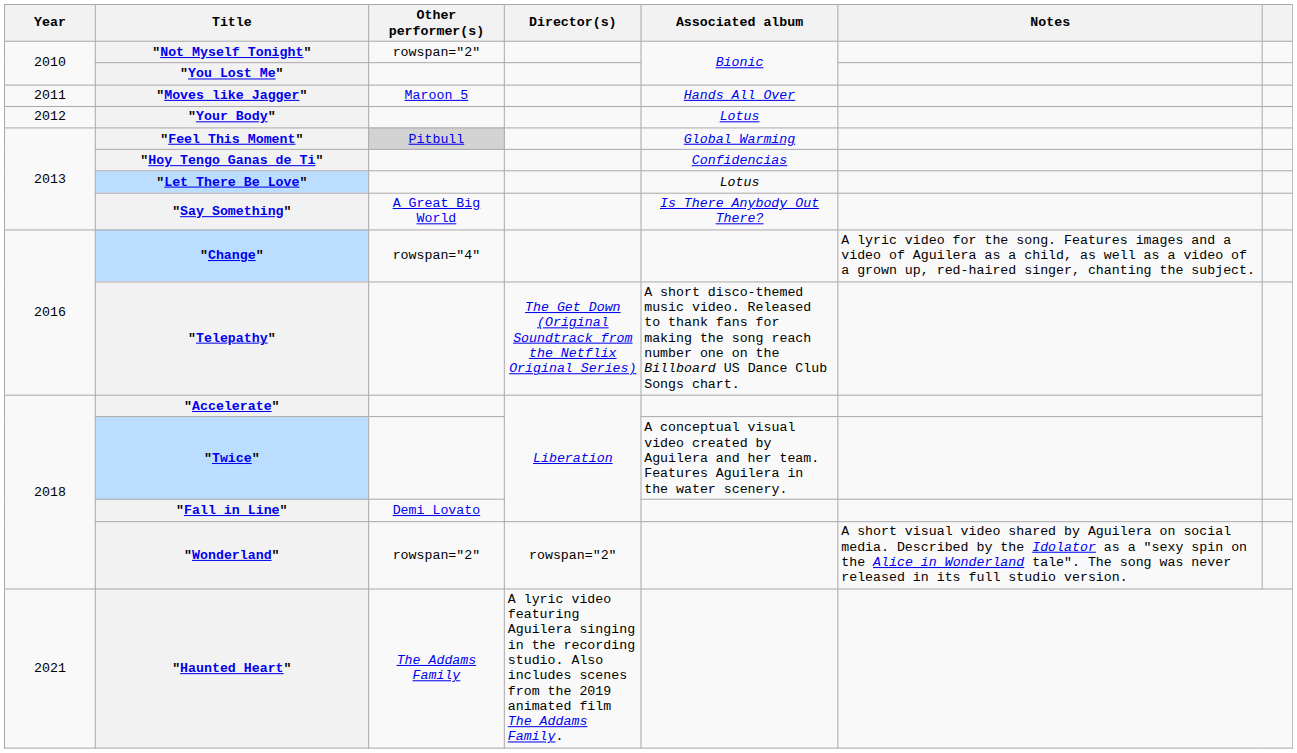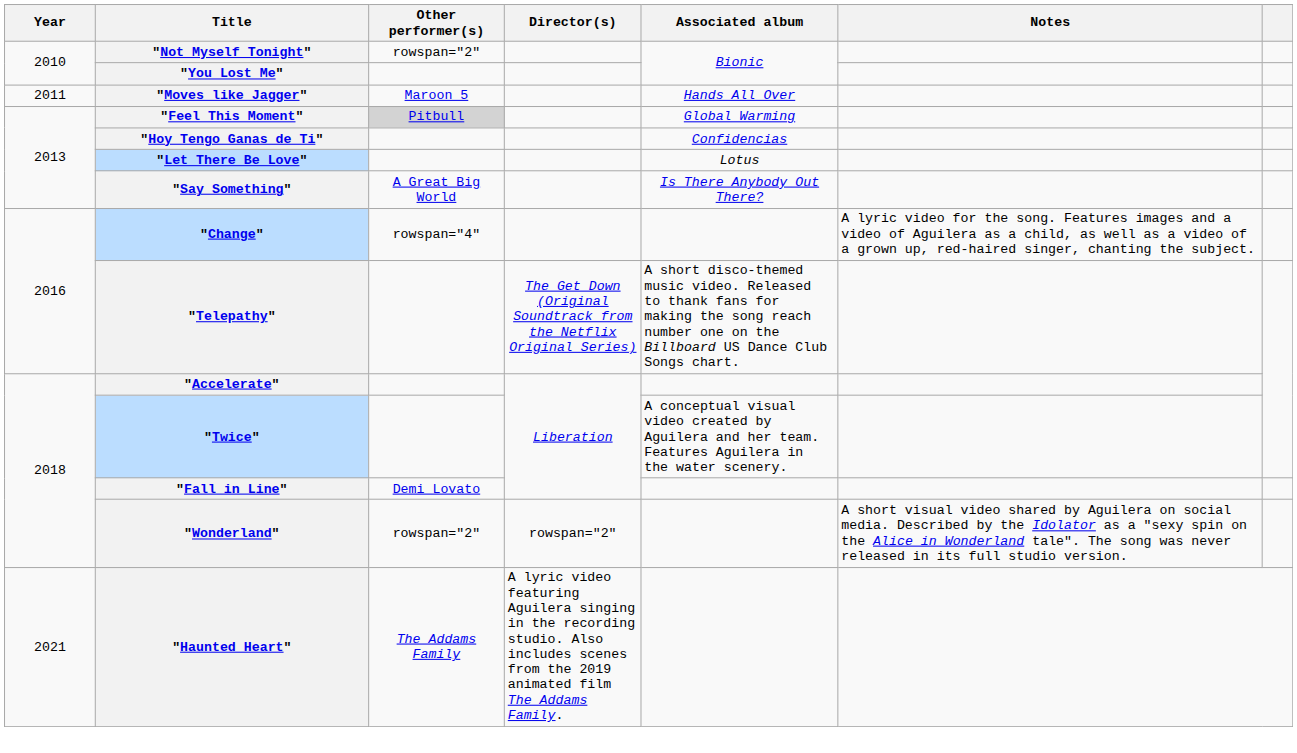 <table class="wikitable sortable plainrowheaders" style="text-align:center;" width="100%;">
 <tr>
 <th scope="col" style="width:6%;">Year</th>
 <th scope="col" style="width:18%;">Title</th>
 <th scope="col" style="width:9%;">Other performer(s)</th>
 <th scope="col" style="width:9%;">Director(s)</th>
 <th scope="col" style="width:13%;">Associated album</th>
 <th class="unsortable" scope="col" style="width:28%;">Notes</th>
 <th class="unsortable" scope="col" style="width:2%;"></th>
 </tr>
 <tr>
 <td rowspan="2">2010</td>
 <th scope="row">"<a href='#'>Not Myself Tonight</a>"</th>
 <td>rowspan="2" </td>
 <td></td>
 <td rowspan="2"><em><a href='#'>Bionic</a></em></td>
 <td></td>
 <td></td>
 </tr>
 <tr>
 <th scope="row">"<a href='#'>You Lost Me</a>"</th>
 <td></td>
 <td></td>
 <td></td>
 </tr>
 <tr>
 <td>2011</td>
 <th scope="row">"<a href='#'>Moves like Jagger</a>"</th>
 <td><a href='#'>Maroon 5</a></td>
 <td></td>
 <td><em><a href='#'>Hands All Over</a></em></td>
-<td></td>
-<td></td>
-</tr>
-<tr>
-<td>2012</td>
-<th scope="row">"<a href='#'>Your Body</a>"</th>
-<td></td>
-<td></td>
-<td><em><a href='#'>Lotus</a></em></td>
 <td></td>
 <td></td>
 </tr>
 <tr>
 <td rowspan="4">2013</td>
 <th scope="row">"<a href='#'>Feel This Moment</a>"</th>
 <td style="background: lightgrey;"><a href='#'>Pitbull</a></td>
 <td></td>
 <td><em><a href='#'>Global Warming</a></em></td>
 <td></td>
 <td></td>
 </tr>
 <tr>
 <th scope="row">"<a href='#'>Hoy Tengo Ganas de Ti</a>"</th>
 <td></td>
 <td></td>
 <td><em><a href='#'>Confidencias</a></em></td>
 <td></td>
 <td></td>
 </tr>
 <tr>
 <th style="background:#bdf;" scope="row">"<a href='#'>Let There Be Love</a>"</th>
 <td></td>
 <td></td>
 <td><em>Lotus</em></td>
 <td></td>
 <td></td>
 </tr>
 <tr>
 <th scope="row">"<a href='#'>Say Something</a>"</th>
 <td><a href='#'>A Great Big World</a></td>
 <td></td>
 <td><em><a href='#'>Is There Anybody Out There?</a></em></td>
 <td></td>
 <td></td>
 </tr>
 <tr>
 <td rowspan="2">2016</td>
 <th style="background:#bdf;" scope="row">"<a href='#'>Change</a>" </th>
 <td>rowspan="4" </td>
 <td></td>
 <td></td>
 <td style="text-align:left;">A lyric video for the song. Features images and a video of Aguilera as a child, as well as a video of a grown up, red-haired singer, chanting the subject.</td>
 <td></td>
 </tr>
 <tr>
 <th scope="row">"<a href='#'>Telepathy</a>"</th>
 <td></td>
 <td><em><a href='#'>The Get Down (Original Soundtrack from the Netflix Original Series)</a></em></td>
 <td style="text-align:left;">A short disco-themed music video. Released to thank fans for making the song reach number one on the <em>Billboard</em> US Dance Club Songs chart.</td>
 <td></td>
 </tr>
 <tr>
 <td rowspan="4">2018</td>
 <th scope="row">"<a href='#'>Accelerate</a>"</th>
 <td></td>
 <td rowspan="3"><em><a href='#'>Liberation</a></em></td>
 <td></td>
 <td></td>
 </tr>
 <tr>
 <th style="background:#bdf;" scope="row">"<a href='#'>Twice</a>"</th>
 <td></td>
 <td style="text-align:left;">A conceptual visual video created by Aguilera and her team. Features Aguilera in the water scenery.</td>
 <td></td>
 </tr>
 <tr>
 <th scope="row">"<a href='#'>Fall in Line</a>"</th>
 <td><a href='#'>Demi Lovato</a></td>
 <td></td>
 <td></td>
 <td></td>
 </tr>
 <tr>
 <th scope="row">"<a href='#'>Wonderland</a>"</th>
 <td>rowspan="2" </td>
 <td>rowspan="2" </td>
 <td></td>
 <td style="text-align:left;">A short visual video shared by Aguilera on social media. Described by the <em><a href='#'>Idolator</a></em> as a "sexy spin on the <em><a href='#'>Alice in Wonderland</a></em> tale". The song was never released in its full studio version.</td>
 <td></td>
 </tr>
 <tr>
 <td>2021</td>
 <th scope="row">"<a href='#'>Haunted Heart</a>"</th>
 <td><em><a href='#'>The Addams Family</a></em></td>
 <td style="text-align:left;">A lyric video featuring Aguilera singing in the recording studio. Also includes scenes from the 2019 animated film <em><a href='#'>The Addams Family</a></em>.</td>
 <td></td>
 </tr>
 </table>
